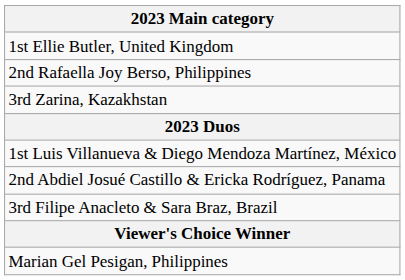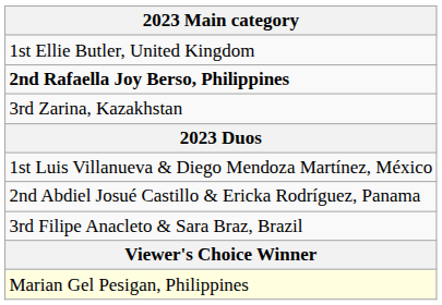 <table class="wikitable" style="float:left; margin-right:1em">
 <tr>
 <th>2023 Main category</th>
 </tr>
 <tr>
 <td>1st Ellie Butler, United Kingdom</td>
 </tr>
 <tr>
-<td>2nd Rafaella Joy Berso, Philippines</td>
+<td><strong>2nd Rafaella Joy Berso, Philippines</strong></td>
 </tr>
 <tr>
 <td>3rd Zarina, Kazakhstan</td>
 </tr>
 <tr>
 <th>2023 Duos</th>
 </tr>
 <tr>
 <td>1st Luis Villanueva & Diego Mendoza Martínez, México</td>
 </tr>
 <tr>
 <td>2nd Abdiel Josué Castillo & Ericka Rodríguez, Panama</td>
 </tr>
 <tr>
 <td>3rd Filipe Anacleto & Sara Braz, Brazil</td>
 </tr>
 <tr>
 <th>Viewer's Choice Winner</th>
 </tr>
 <tr>
-<td>Marian Gel Pesigan, Philippines</td>
+<td style="background: lightyellow;">Marian Gel Pesigan, Philippines</td>
 </tr>
 </table>
